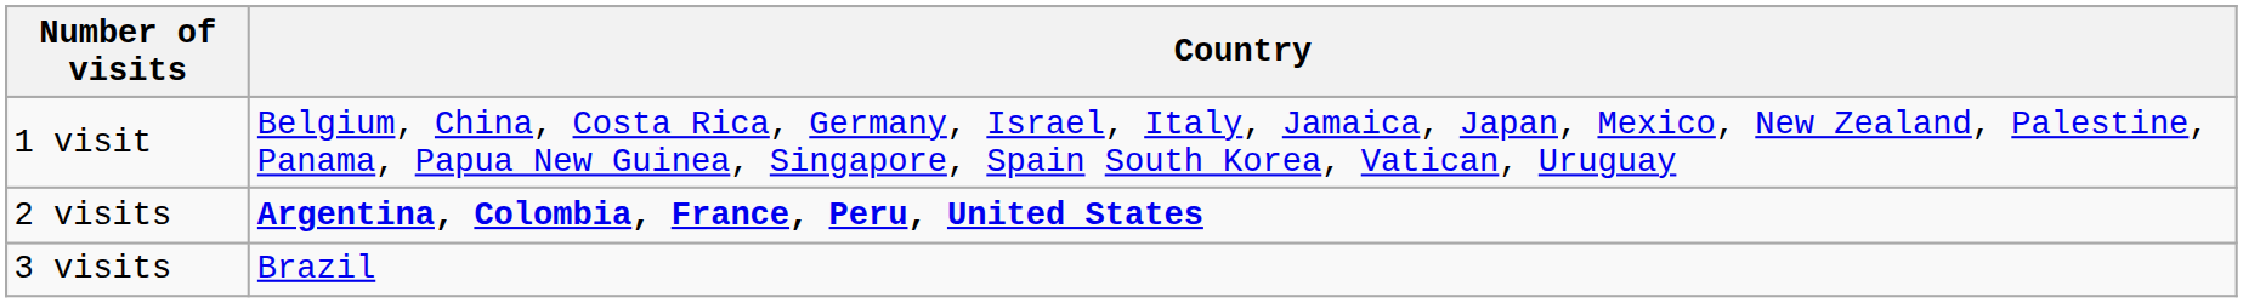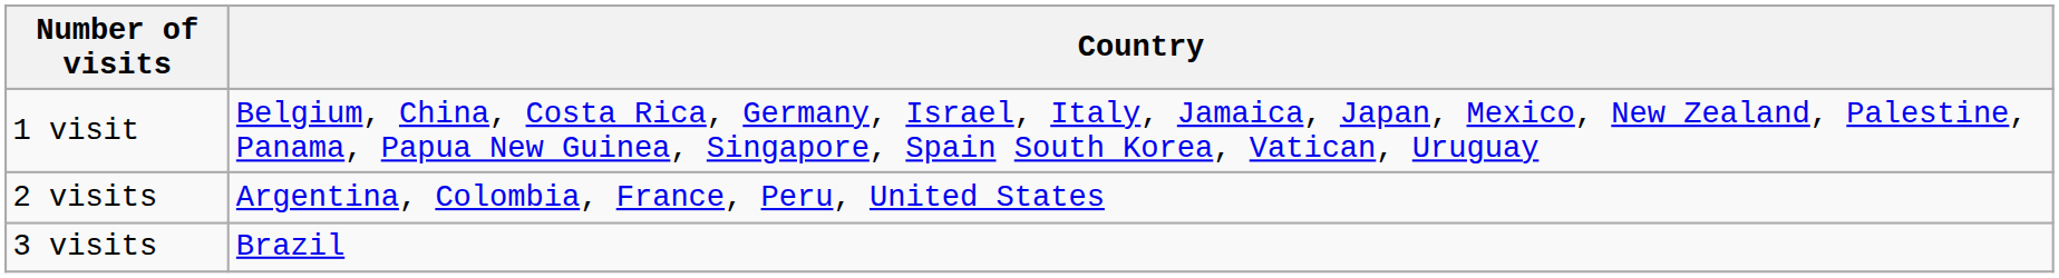 <table class="wikitable" style="margin: 1em auto 1em auto">
 <tr>
 <th>Number of visits</th>
 <th>Country</th>
 </tr>
 <tr>
 <td>1 visit</td>
 <td><a href='#'>Belgium</a>, <a href='#'>China</a>, <a href='#'>Costa Rica</a>, <a href='#'>Germany</a>, <a href='#'>Israel</a>, <a href='#'>Italy</a>, <a href='#'>Jamaica</a>, <a href='#'>Japan</a>, <a href='#'>Mexico</a>, <a href='#'>New Zealand</a>, <a href='#'>Palestine</a>, <a href='#'>Panama</a>, <a href='#'>Papua New Guinea</a>, <a href='#'>Singapore</a>, <a href='#'>Spain</a> <a href='#'>South Korea</a>, <a href='#'>Vatican</a>, <a href='#'>Uruguay</a></td>
 </tr>
 <tr>
 <td>2 visits</td>
-<td><strong><a href='#'>Argentina</a>, <a href='#'>Colombia</a>, <a href='#'>France</a>, <a href='#'>Peru</a>, <a href='#'>United States</a></strong></td>
+<td><a href='#'>Argentina</a>, <a href='#'>Colombia</a>, <a href='#'>France</a>, <a href='#'>Peru</a>, <a href='#'>United States</a></td>
 </tr>
 <tr>
 <td>3 visits</td>
 <td><a href='#'>Brazil</a></td>
 </tr>
 </table>
